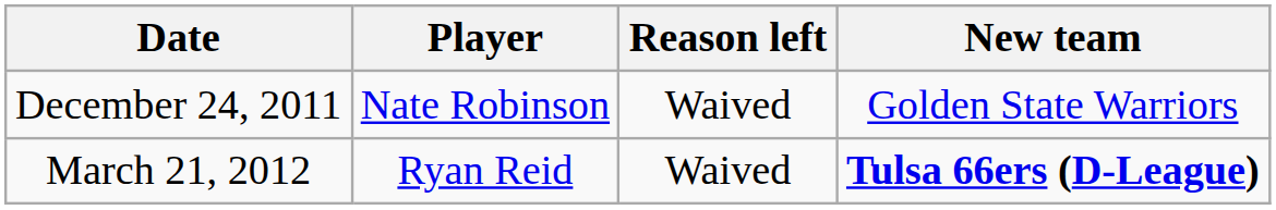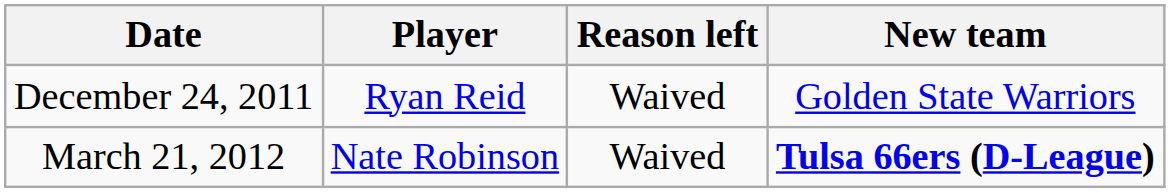 <table class="wikitable sortable sortable" style="text-align: center">
 <tr>
 <th>Date</th>
 <th>Player</th>
 <th>Reason left</th>
 <th>New team</th>
 </tr>
 <tr style="text-align: center">
 <td>December 24, 2011</td>
-<td><a href='#'>Nate Robinson</a></td>
+<td><a href='#'>Ryan Reid</a></td>
 <td>Waived</td>
 <td><a href='#'>Golden State Warriors</a></td>
 </tr>
 <tr style="text-align: center">
 <td>March 21, 2012</td>
-<td><a href='#'>Ryan Reid</a></td>
+<td><a href='#'>Nate Robinson</a></td>
 <td>Waived</td>
 <td><strong><a href='#'>Tulsa 66ers</a> (<a href='#'>D-League</a>)</strong></td>
 </tr>
 </table>
